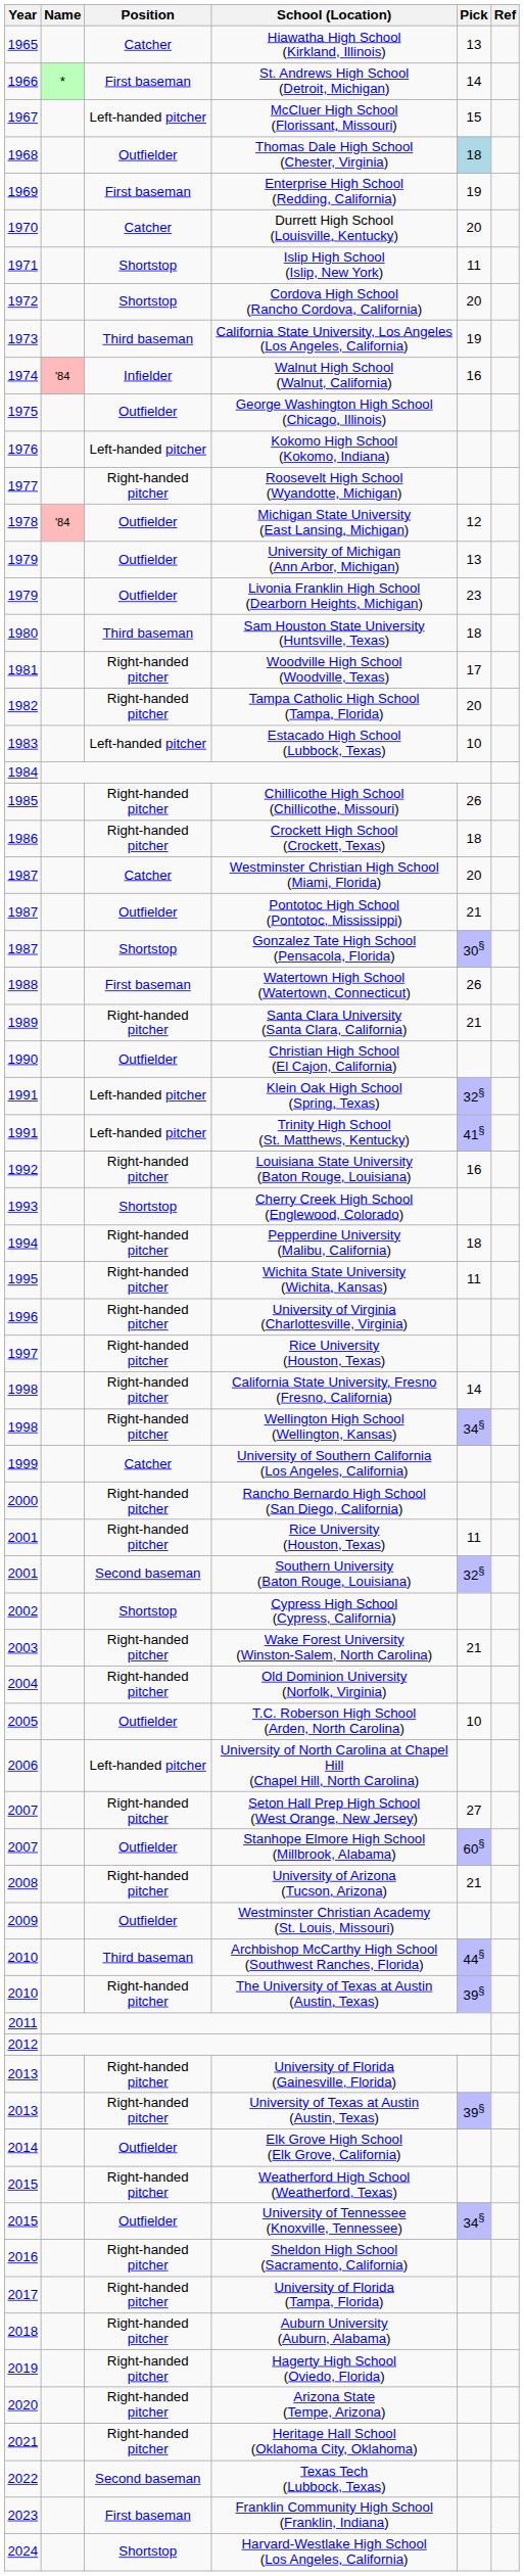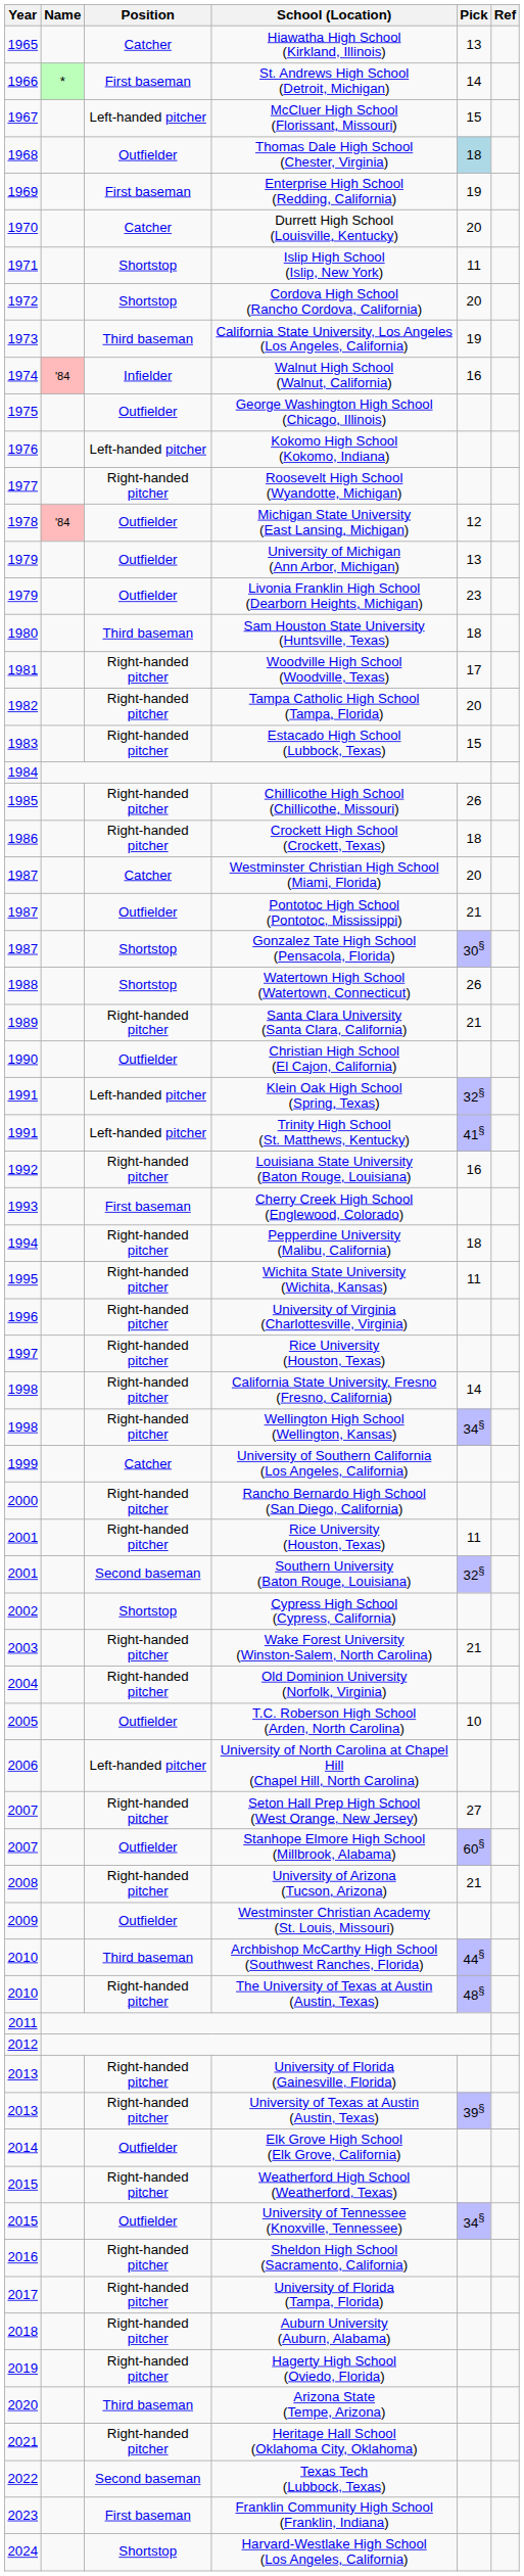 <table class="wikitable sortable" style="text-align:center;" border="1">
 <tr>
 <th>Year</th>
 <th>Name</th>
 <th>Position</th>
 <th class="unsortable">School (Location)</th>
 <th>Pick</th>
 <th class="unsortable">Ref</th>
 </tr>
 <tr>
 <td><a href='#'>1965</a></td>
 <td></td>
 <td><a href='#'>Catcher</a></td>
 <td><a href='#'>Hiawatha High School</a><br>(<a href='#'>Kirkland, Illinois</a>)</td>
 <td>13</td>
 <td></td>
 </tr>
 <tr>
 <td><a href='#'>1966</a></td>
 <td bgcolor="#bbffbb">*</td>
 <td><a href='#'>First baseman</a></td>
 <td><a href='#'>St. Andrews High School</a><br>(<a href='#'>Detroit, Michigan</a>)</td>
 <td>14</td>
 <td></td>
 </tr>
 <tr>
 <td><a href='#'>1967</a></td>
 <td></td>
 <td>Left-handed <a href='#'>pitcher</a></td>
 <td><a href='#'>McCluer High School</a><br>(<a href='#'>Florissant, Missouri</a>)</td>
 <td>15</td>
 <td></td>
 </tr>
 <tr>
 <td><a href='#'>1968</a></td>
 <td></td>
 <td><a href='#'>Outfielder</a></td>
 <td><a href='#'>Thomas Dale High School</a><br>(<a href='#'>Chester, Virginia</a>)</td>
 <td style="background: lightblue;">18</td>
 <td></td>
 </tr>
 <tr>
 <td><a href='#'>1969</a></td>
 <td></td>
 <td><a href='#'>First baseman</a></td>
 <td><a href='#'>Enterprise High School</a><br>(<a href='#'>Redding, California</a>)</td>
 <td>19</td>
 <td></td>
 </tr>
 <tr>
 <td><a href='#'>1970</a></td>
 <td></td>
 <td><a href='#'>Catcher</a></td>
 <td>Durrett High School<br>(<a href='#'>Louisville, Kentucky</a>)</td>
 <td>20</td>
 <td></td>
 </tr>
 <tr>
 <td><a href='#'>1971</a></td>
 <td></td>
 <td><a href='#'>Shortstop</a></td>
 <td><a href='#'>Islip High School</a> <br>(<a href='#'>Islip, New York</a>)</td>
 <td>11</td>
 <td></td>
 </tr>
 <tr>
 <td><a href='#'>1972</a></td>
 <td></td>
 <td><a href='#'>Shortstop</a></td>
 <td><a href='#'>Cordova High School</a><br>(<a href='#'>Rancho Cordova, California</a>)</td>
 <td>20</td>
 <td></td>
 </tr>
 <tr>
 <td><a href='#'>1973</a></td>
 <td></td>
 <td><a href='#'>Third baseman</a></td>
 <td><a href='#'>California State University, Los Angeles</a><br>(<a href='#'>Los Angeles, California</a>)</td>
 <td>19</td>
 <td></td>
 </tr>
 <tr>
 <td><a href='#'>1974</a></td>
 <td bgcolor="#ffbbbb"><small>'84</small></td>
 <td><a href='#'>Infielder</a></td>
 <td><a href='#'>Walnut High School</a><br>(<a href='#'>Walnut, California</a>)</td>
 <td>16</td>
 <td></td>
 </tr>
 <tr>
 <td><a href='#'>1975</a></td>
 <td></td>
 <td><a href='#'>Outfielder</a></td>
 <td><a href='#'>George Washington High School</a><br>(<a href='#'>Chicago, Illinois</a>)</td>
 <td></td>
 <td></td>
 </tr>
 <tr>
 <td><a href='#'>1976</a></td>
 <td></td>
 <td>Left-handed <a href='#'>pitcher</a></td>
 <td><a href='#'>Kokomo High School</a><br>(<a href='#'>Kokomo, Indiana</a>)</td>
 <td></td>
 <td></td>
 </tr>
 <tr>
 <td><a href='#'>1977</a></td>
 <td></td>
 <td>Right-handed <a href='#'>pitcher</a></td>
 <td><a href='#'>Roosevelt High School</a><br>(<a href='#'>Wyandotte, Michigan</a>)</td>
 <td></td>
 <td></td>
 </tr>
 <tr>
 <td><a href='#'>1978</a></td>
 <td bgcolor="#ffbbbb"><small>'84</small></td>
 <td><a href='#'>Outfielder</a></td>
 <td><a href='#'>Michigan State University</a><br>(<a href='#'>East Lansing, Michigan</a>)</td>
 <td>12</td>
 <td></td>
 </tr>
 <tr>
 <td><a href='#'>1979</a></td>
 <td></td>
 <td><a href='#'>Outfielder</a></td>
 <td><a href='#'>University of Michigan</a><br>(<a href='#'>Ann Arbor, Michigan</a>)</td>
 <td>13</td>
 <td></td>
 </tr>
 <tr>
 <td><a href='#'>1979</a></td>
 <td></td>
 <td><a href='#'>Outfielder</a></td>
 <td><a href='#'>Livonia Franklin High School</a><br>(<a href='#'>Dearborn Heights, Michigan</a>)</td>
 <td>23</td>
 <td></td>
 </tr>
 <tr>
 <td><a href='#'>1980</a></td>
 <td></td>
 <td><a href='#'>Third baseman</a></td>
 <td><a href='#'>Sam Houston State University</a><br>(<a href='#'>Huntsville, Texas</a>)</td>
 <td>18</td>
 <td></td>
 </tr>
 <tr>
 <td><a href='#'>1981</a></td>
 <td></td>
 <td>Right-handed <a href='#'>pitcher</a></td>
 <td><a href='#'>Woodville High School</a><br>(<a href='#'>Woodville, Texas</a>)</td>
 <td>17</td>
 <td></td>
 </tr>
 <tr>
 <td><a href='#'>1982</a></td>
 <td></td>
 <td>Right-handed <a href='#'>pitcher</a></td>
 <td><a href='#'>Tampa Catholic High School</a><br>(<a href='#'>Tampa, Florida</a>)</td>
 <td>20</td>
 <td></td>
 </tr>
 <tr>
 <td><a href='#'>1983</a></td>
 <td></td>
-<td>Left-handed <a href='#'>pitcher</a></td>
+<td>Right-handed <a href='#'>pitcher</a></td>
 <td><a href='#'>Estacado High School</a><br>(<a href='#'>Lubbock, Texas</a>)</td>
-<td>10</td>
+<td>15</td>
 <td></td>
 </tr>
 <tr>
 <td><a href='#'>1984</a></td>
 <td colspan="4"></td>
 <td></td>
 </tr>
 <tr>
 <td><a href='#'>1985</a></td>
 <td></td>
 <td>Right-handed <a href='#'>pitcher</a></td>
 <td><a href='#'>Chillicothe High School</a><br>(<a href='#'>Chillicothe, Missouri</a>)</td>
 <td>26</td>
 <td></td>
 </tr>
 <tr>
 <td><a href='#'>1986</a></td>
 <td></td>
 <td>Right-handed <a href='#'>pitcher</a></td>
 <td><a href='#'>Crockett High School</a><br>(<a href='#'>Crockett, Texas</a>)</td>
 <td>18</td>
 <td></td>
 </tr>
 <tr>
 <td><a href='#'>1987</a></td>
 <td></td>
 <td><a href='#'>Catcher</a></td>
 <td><a href='#'>Westminster Christian High School</a><br>(<a href='#'>Miami, Florida</a>)</td>
 <td>20</td>
 <td></td>
 </tr>
 <tr>
 <td><a href='#'>1987</a></td>
 <td></td>
 <td><a href='#'>Outfielder</a></td>
 <td><a href='#'>Pontotoc High School</a><br>(<a href='#'>Pontotoc, Mississippi</a>)</td>
 <td>21</td>
 <td></td>
 </tr>
 <tr>
 <td><a href='#'>1987</a></td>
 <td></td>
 <td><a href='#'>Shortstop</a></td>
 <td><a href='#'>Gonzalez Tate High School</a><br>(<a href='#'>Pensacola, Florida</a>)</td>
 <td bgcolor="#bbbbff">30<sup>§</sup></td>
 <td></td>
 </tr>
 <tr>
 <td><a href='#'>1988</a></td>
 <td></td>
-<td><a href='#'>First baseman</a></td>
+<td><a href='#'>Shortstop</a></td>
 <td><a href='#'>Watertown High School</a><br>(<a href='#'>Watertown, Connecticut</a>)</td>
 <td>26</td>
 <td></td>
 </tr>
 <tr>
 <td><a href='#'>1989</a></td>
 <td></td>
 <td>Right-handed <a href='#'>pitcher</a></td>
 <td><a href='#'>Santa Clara University</a><br>(<a href='#'>Santa Clara, California</a>)</td>
 <td>21</td>
 <td></td>
 </tr>
 <tr>
 <td><a href='#'>1990</a></td>
 <td></td>
 <td><a href='#'>Outfielder</a></td>
 <td><a href='#'>Christian High School</a><br>(<a href='#'>El Cajon, California</a>)</td>
 <td></td>
 <td></td>
 </tr>
 <tr>
 <td><a href='#'>1991</a></td>
 <td></td>
 <td>Left-handed <a href='#'>pitcher</a></td>
 <td><a href='#'>Klein Oak High School</a><br>(<a href='#'>Spring, Texas</a>)</td>
 <td bgcolor="#bbbbff">32<sup>§</sup></td>
 <td></td>
 </tr>
 <tr>
 <td><a href='#'>1991</a></td>
 <td></td>
 <td>Left-handed <a href='#'>pitcher</a></td>
 <td><a href='#'>Trinity High School</a><br>(<a href='#'>St. Matthews, Kentucky</a>)</td>
 <td bgcolor="#bbbbff">41<sup>§</sup></td>
 <td></td>
 </tr>
 <tr>
 <td><a href='#'>1992</a></td>
 <td></td>
 <td>Right-handed <a href='#'>pitcher</a></td>
 <td><a href='#'>Louisiana State University</a><br>(<a href='#'>Baton Rouge, Louisiana</a>)</td>
 <td>16</td>
 <td></td>
 </tr>
 <tr>
 <td><a href='#'>1993</a></td>
 <td></td>
-<td><a href='#'>Shortstop</a></td>
+<td><a href='#'>First baseman</a></td>
 <td><a href='#'>Cherry Creek High School</a><br>(<a href='#'>Englewood, Colorado</a>)</td>
 <td></td>
 <td></td>
 </tr>
 <tr>
 <td><a href='#'>1994</a></td>
 <td></td>
 <td>Right-handed <a href='#'>pitcher</a></td>
 <td><a href='#'>Pepperdine University</a><br>(<a href='#'>Malibu, California</a>)</td>
 <td>18</td>
 <td></td>
 </tr>
 <tr>
 <td><a href='#'>1995</a></td>
 <td></td>
 <td>Right-handed <a href='#'>pitcher</a></td>
 <td><a href='#'>Wichita State University</a><br>(<a href='#'>Wichita, Kansas</a>)</td>
 <td>11</td>
 <td></td>
 </tr>
 <tr>
 <td><a href='#'>1996</a></td>
 <td></td>
 <td>Right-handed <a href='#'>pitcher</a></td>
 <td><a href='#'>University of Virginia</a><br>(<a href='#'>Charlottesville, Virginia</a>)</td>
 <td></td>
 <td></td>
 </tr>
 <tr>
 <td><a href='#'>1997</a></td>
 <td></td>
 <td>Right-handed <a href='#'>pitcher</a></td>
 <td><a href='#'>Rice University</a><br>(<a href='#'>Houston, Texas</a>)</td>
 <td></td>
 <td></td>
 </tr>
 <tr>
 <td><a href='#'>1998</a></td>
 <td></td>
 <td>Right-handed <a href='#'>pitcher</a></td>
 <td><a href='#'>California State University, Fresno</a><br>(<a href='#'>Fresno, California</a>)</td>
 <td>14</td>
 <td></td>
 </tr>
 <tr>
 <td><a href='#'>1998</a></td>
 <td></td>
 <td>Right-handed <a href='#'>pitcher</a></td>
 <td><a href='#'>Wellington High School</a><br>(<a href='#'>Wellington, Kansas</a>)</td>
 <td bgcolor="#bbbbff">34<sup>§</sup></td>
 <td></td>
 </tr>
 <tr>
 <td><a href='#'>1999</a></td>
 <td></td>
 <td><a href='#'>Catcher</a></td>
 <td><a href='#'>University of Southern California</a><br>(<a href='#'>Los Angeles, California</a>)</td>
 <td></td>
 <td></td>
 </tr>
 <tr>
 <td><a href='#'>2000</a></td>
 <td></td>
 <td>Right-handed <a href='#'>pitcher</a></td>
 <td><a href='#'>Rancho Bernardo High School</a><br>(<a href='#'>San Diego, California</a>)</td>
 <td></td>
 <td></td>
 </tr>
 <tr>
 <td><a href='#'>2001</a></td>
 <td></td>
 <td>Right-handed <a href='#'>pitcher</a></td>
 <td><a href='#'>Rice University</a><br>(<a href='#'>Houston, Texas</a>)</td>
 <td>11</td>
 <td></td>
 </tr>
 <tr>
 <td><a href='#'>2001</a></td>
 <td></td>
 <td><a href='#'>Second baseman</a></td>
 <td><a href='#'>Southern University</a><br>(<a href='#'>Baton Rouge, Louisiana</a>)</td>
 <td bgcolor="#bbbbff">32<sup>§</sup></td>
 <td></td>
 </tr>
 <tr>
 <td><a href='#'>2002</a></td>
 <td></td>
 <td><a href='#'>Shortstop</a></td>
 <td><a href='#'>Cypress High School</a><br>(<a href='#'>Cypress, California</a>)</td>
 <td></td>
 <td></td>
 </tr>
 <tr>
 <td><a href='#'>2003</a></td>
 <td></td>
 <td>Right-handed <a href='#'>pitcher</a></td>
 <td><a href='#'>Wake Forest University</a><br>(<a href='#'>Winston-Salem, North Carolina</a>)</td>
 <td>21</td>
 <td></td>
 </tr>
 <tr>
 <td><a href='#'>2004</a></td>
 <td></td>
 <td>Right-handed <a href='#'>pitcher</a></td>
 <td><a href='#'>Old Dominion University</a><br>(<a href='#'>Norfolk, Virginia</a>)</td>
 <td></td>
 <td></td>
 </tr>
 <tr>
 <td><a href='#'>2005</a></td>
 <td></td>
 <td><a href='#'>Outfielder</a></td>
 <td><a href='#'>T.C. Roberson High School</a><br>(<a href='#'>Arden, North Carolina</a>)</td>
 <td>10</td>
 <td></td>
 </tr>
 <tr>
 <td><a href='#'>2006</a></td>
 <td></td>
 <td>Left-handed <a href='#'>pitcher</a></td>
 <td><a href='#'>University of North Carolina at Chapel Hill</a><br>(<a href='#'>Chapel Hill, North Carolina</a>)</td>
 <td></td>
 <td></td>
 </tr>
 <tr>
 <td><a href='#'>2007</a></td>
 <td></td>
 <td>Right-handed <a href='#'>pitcher</a></td>
 <td><a href='#'>Seton Hall Prep High School</a><br>(<a href='#'>West Orange, New Jersey</a>)</td>
 <td>27</td>
 <td></td>
 </tr>
 <tr>
 <td><a href='#'>2007</a></td>
 <td></td>
 <td><a href='#'>Outfielder</a></td>
 <td><a href='#'>Stanhope Elmore High School</a><br>(<a href='#'>Millbrook, Alabama</a>)</td>
 <td bgcolor="#bbbbff">60<sup>§</sup></td>
 <td></td>
 </tr>
 <tr>
 <td><a href='#'>2008</a></td>
 <td></td>
 <td>Right-handed <a href='#'>pitcher</a></td>
 <td><a href='#'>University of Arizona</a><br>(<a href='#'>Tucson, Arizona</a>)</td>
 <td>21</td>
 <td></td>
 </tr>
 <tr>
 <td><a href='#'>2009</a></td>
 <td></td>
 <td><a href='#'>Outfielder</a></td>
 <td><a href='#'>Westminster Christian Academy</a><br>(<a href='#'>St. Louis, Missouri</a>)</td>
 <td></td>
 <td></td>
 </tr>
 <tr>
 <td><a href='#'>2010</a></td>
 <td></td>
 <td><a href='#'>Third baseman</a></td>
 <td><a href='#'>Archbishop McCarthy High School</a><br>(<a href='#'>Southwest Ranches, Florida</a>)</td>
 <td bgcolor="#bbbbff">44<sup>§</sup></td>
 <td></td>
 </tr>
 <tr>
 <td><a href='#'>2010</a></td>
 <td></td>
 <td>Right-handed <a href='#'>pitcher</a></td>
 <td><a href='#'>The University of Texas at Austin</a><br>(<a href='#'>Austin, Texas</a>)</td>
-<td bgcolor="#bbbbff">39<sup>§</sup></td>
+<td bgcolor="#bbbbff">48<sup>§</sup></td>
 <td></td>
 </tr>
 <tr>
 <td><a href='#'>2011</a></td>
 <td colspan="4"></td>
 <td></td>
 </tr>
 <tr>
 <td><a href='#'>2012</a></td>
 <td colspan="4"></td>
 <td></td>
 </tr>
 <tr>
 <td><a href='#'>2013</a></td>
 <td></td>
 <td>Right-handed <a href='#'>pitcher</a></td>
 <td><a href='#'>University of Florida</a><br>(<a href='#'>Gainesville, Florida</a>)</td>
 <td></td>
 <td></td>
 </tr>
 <tr>
 <td><a href='#'>2013</a></td>
 <td></td>
 <td>Right-handed <a href='#'>pitcher</a></td>
 <td><a href='#'>University of Texas at Austin</a><br>(<a href='#'>Austin, Texas</a>)</td>
 <td bgcolor="#bbbbff">39<sup>§</sup></td>
 <td></td>
 </tr>
 <tr>
 <td><a href='#'>2014</a></td>
 <td></td>
 <td><a href='#'>Outfielder</a></td>
 <td><a href='#'>Elk Grove High School</a><br>(<a href='#'>Elk Grove, California</a>)</td>
 <td></td>
 <td></td>
 </tr>
 <tr>
 <td><a href='#'>2015</a></td>
 <td></td>
 <td>Right-handed <a href='#'>pitcher</a></td>
 <td><a href='#'>Weatherford High School</a><br>(<a href='#'>Weatherford, Texas</a>)</td>
 <td></td>
 <td></td>
 </tr>
 <tr>
 <td><a href='#'>2015</a></td>
 <td></td>
 <td><a href='#'>Outfielder</a></td>
 <td><a href='#'>University of Tennessee</a><br>(<a href='#'>Knoxville, Tennessee</a>)</td>
 <td bgcolor="#bbbbff">34<sup>§</sup></td>
 <td></td>
 </tr>
 <tr>
 <td><a href='#'>2016</a></td>
 <td></td>
 <td>Right-handed <a href='#'>pitcher</a></td>
 <td><a href='#'>Sheldon High School</a><br>(<a href='#'>Sacramento, California</a>)</td>
 <td></td>
 <td></td>
 </tr>
 <tr>
 <td><a href='#'>2017</a></td>
 <td></td>
 <td>Right-handed <a href='#'>pitcher</a></td>
 <td><a href='#'>University of Florida</a><br>(<a href='#'>Tampa, Florida</a>)</td>
 <td></td>
 <td></td>
 </tr>
 <tr>
 <td><a href='#'>2018</a></td>
 <td></td>
 <td>Right-handed <a href='#'>pitcher</a></td>
 <td><a href='#'>Auburn University</a><br>(<a href='#'>Auburn, Alabama</a>)</td>
 <td></td>
 <td></td>
 </tr>
 <tr>
 <td><a href='#'>2019</a></td>
 <td></td>
 <td>Right-handed <a href='#'>pitcher</a></td>
 <td><a href='#'>Hagerty High School</a><br>(<a href='#'>Oviedo, Florida</a>)</td>
 <td></td>
 <td></td>
 </tr>
 <tr>
 <td><a href='#'>2020</a></td>
 <td></td>
-<td>Right-handed <a href='#'>pitcher</a></td>
+<td><a href='#'>Third baseman</a></td>
 <td><a href='#'>Arizona State</a><br>(<a href='#'>Tempe, Arizona</a>)</td>
 <td></td>
 <td></td>
 </tr>
 <tr>
 <td><a href='#'>2021</a></td>
 <td></td>
 <td>Right-handed <a href='#'>pitcher</a></td>
 <td><a href='#'>Heritage Hall School</a><br>(<a href='#'>Oklahoma City, Oklahoma</a>)</td>
 <td></td>
 <td></td>
 </tr>
 <tr>
 <td><a href='#'>2022</a></td>
 <td></td>
 <td><a href='#'>Second baseman</a></td>
 <td><a href='#'>Texas Tech</a><br>(<a href='#'>Lubbock, Texas</a>)</td>
 <td></td>
 <td></td>
 </tr>
 <tr>
 <td><a href='#'>2023</a></td>
 <td></td>
 <td><a href='#'>First baseman</a></td>
 <td><a href='#'>Franklin Community High School</a><br>(<a href='#'>Franklin, Indiana</a>)</td>
 <td></td>
 <td></td>
 </tr>
 <tr>
 <td><a href='#'>2024</a></td>
 <td></td>
 <td><a href='#'>Shortstop</a></td>
 <td><a href='#'>Harvard-Westlake High School</a><br>(<a href='#'>Los Angeles, California</a>)</td>
 <td></td>
 </tr>
 </table>
